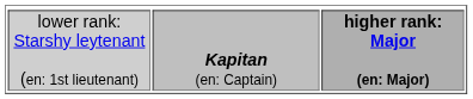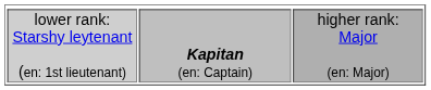 <table class="wikipedia sortable" border="1">
 <tr>
 </tr>
 <tr>
 <td width="30%" align="center" style="background:#cfcfcf;">lower rank:<br><a href='#'>Starshy leytenant</a><br><br>(<small>en: 1st lieutenant)</small></td>
 <td width="35%" align="center"  style="background:#bfbfbf;"><br><br><strong><em>Kapitan</em></strong><br><small>(en: Captain)</small></td>
-<td width="30%" align="center" style="background:#afafaf;"><strong>higher rank:<br><a href='#'>Major</a><br><br><small>(en: Major)</small></strong></td>
+<td width="30%" align="center" style="background:#afafaf;">higher rank:<br><a href='#'>Major</a><br><br><small>(en: Major)</small></td>
 </tr>
 </table>
